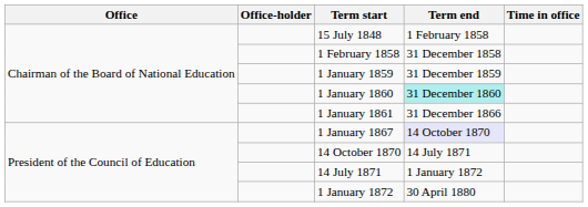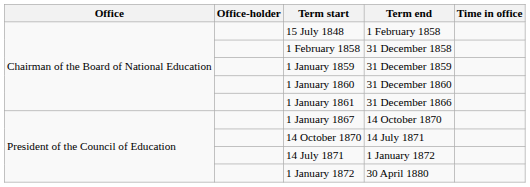 <table class="wikitable sortable">
 <tr>
 <th>Office</th>
 <th>Office-holder</th>
 <th>Term start</th>
 <th>Term end</th>
 <th>Time in office</th>
 </tr>
 <tr>
 <td rowspan="5">Chairman of the Board of National Education</td>
 <td></td>
 <td>15 July 1848</td>
 <td>1 February 1858</td>
 <td align=right><strong></strong></td>
 </tr>
 <tr>
 <td></td>
 <td>1 February 1858</td>
 <td>31 December 1858</td>
 <td align=right></td>
 </tr>
 <tr>
 <td></td>
 <td>1 January 1859</td>
 <td>31 December 1859</td>
 <td align=right></td>
 </tr>
 <tr>
 <td></td>
 <td>1 January 1860</td>
-<td style="background: paleturquoise;">31 December 1860</td>
+<td>31 December 1860</td>
 <td align=right></td>
 </tr>
 <tr>
 <td></td>
 <td>1 January 1861</td>
 <td>31 December 1866</td>
 <td align=right></td>
 </tr>
 <tr>
 <td rowspan="4">President of the Council of Education</td>
 <td></td>
 <td>1 January 1867</td>
-<td style="background: lavender;">14 October 1870</td>
+<td>14 October 1870</td>
 <td align=right></td>
 </tr>
 <tr>
 <td></td>
 <td>14 October 1870</td>
 <td>14 July 1871</td>
 <td align=right></td>
 </tr>
 <tr>
 <td></td>
 <td>14 July 1871</td>
 <td>1 January 1872</td>
 <td align=right></td>
 </tr>
 <tr>
 <td></td>
 <td>1 January 1872</td>
 <td>30 April 1880</td>
 <td align=right></td>
 </tr>
 </table>
